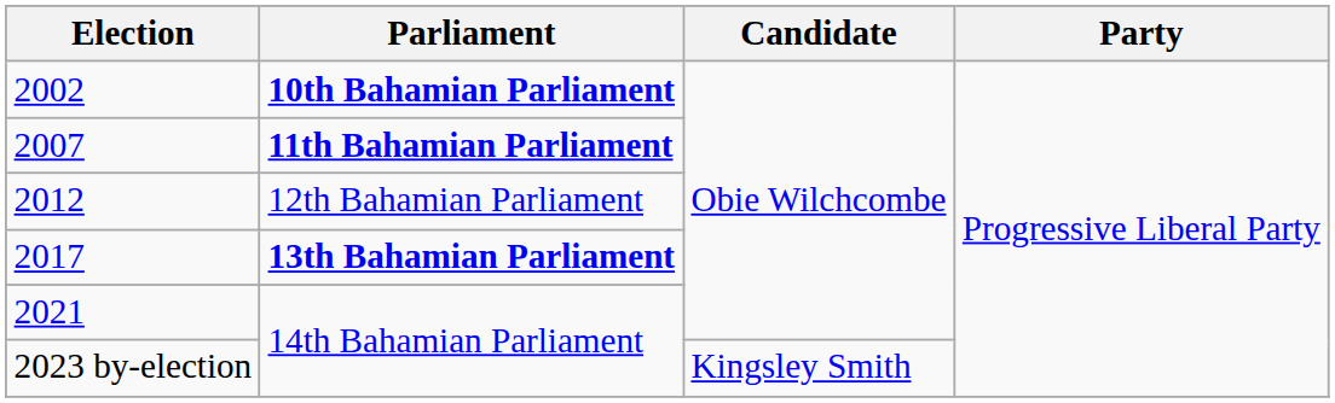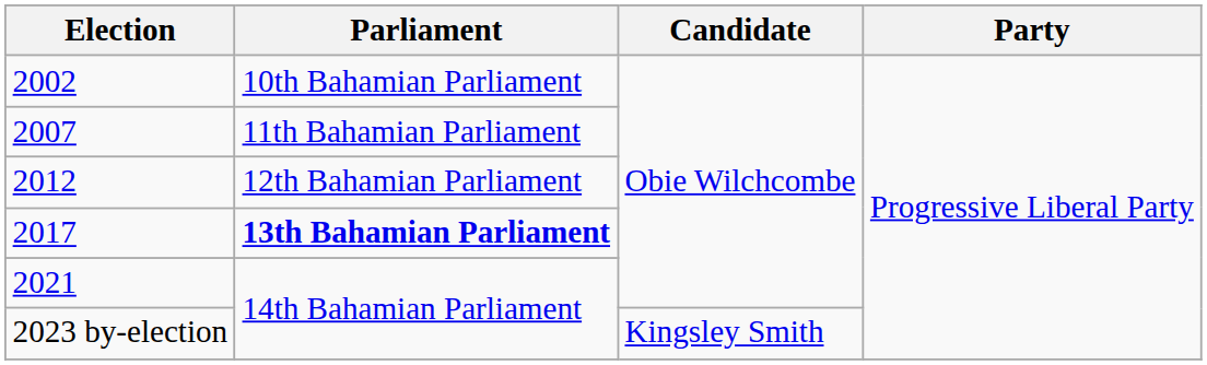 <table class="wikitable">
 <tr>
 <th>Election</th>
 <th>Parliament</th>
 <th>Candidate</th>
 <th>Party</th>
 </tr>
 <tr>
 <td><a href='#'>2002</a></td>
-<td><strong><a href='#'>10th Bahamian Parliament</a></strong></td>
+<td><a href='#'>10th Bahamian Parliament</a></td>
 <td rowspan="5"><a href='#'>Obie Wilchcombe</a></td>
 <td rowspan="6"><a href='#'>Progressive Liberal Party</a></td>
 </tr>
 <tr>
 <td><a href='#'>2007</a></td>
-<td><strong><a href='#'>11th Bahamian Parliament</a></strong></td>
+<td><a href='#'>11th Bahamian Parliament</a></td>
 </tr>
 <tr>
 <td><a href='#'>2012</a></td>
 <td><a href='#'>12th Bahamian Parliament</a></td>
 </tr>
 <tr>
 <td><a href='#'>2017</a></td>
 <td><strong><a href='#'>13th Bahamian Parliament</a></strong></td>
 </tr>
 <tr>
 <td><a href='#'>2021</a></td>
 <td rowspan="2"><a href='#'>14th Bahamian Parliament</a></td>
 </tr>
 <tr>
 <td>2023 by-election</td>
 <td><a href='#'>Kingsley Smith</a></td>
 </tr>
 </table>
